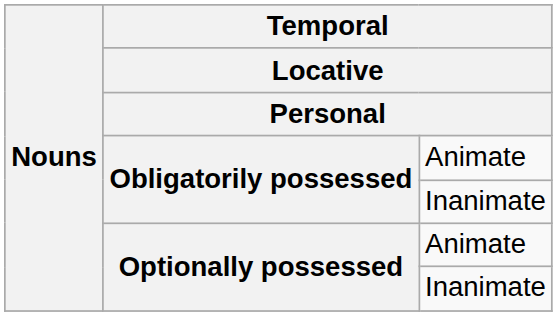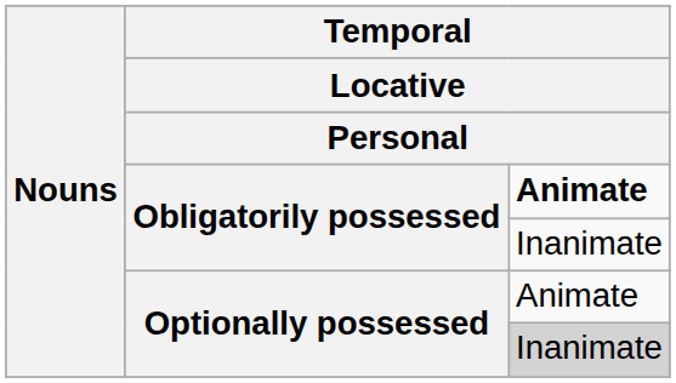 <table class="wikitable">
 <tr>
 <th rowspan="7">Nouns</th>
 <th colspan="2">Temporal</th>
 </tr>
 <tr>
 <th colspan="2">Locative</th>
 </tr>
 <tr>
 <th colspan="2">Personal</th>
 </tr>
 <tr>
 <th rowspan="2">Obligatorily possessed</th>
-<td>Animate</td>
+<td><strong>Animate</strong></td>
 </tr>
 <tr>
 <td>Inanimate</td>
 </tr>
 <tr>
 <th rowspan="2">Optionally possessed</th>
 <td>Animate</td>
 </tr>
 <tr>
-<td>Inanimate</td>
+<td style="background: lightgrey;">Inanimate</td>
 </tr>
 </table>
